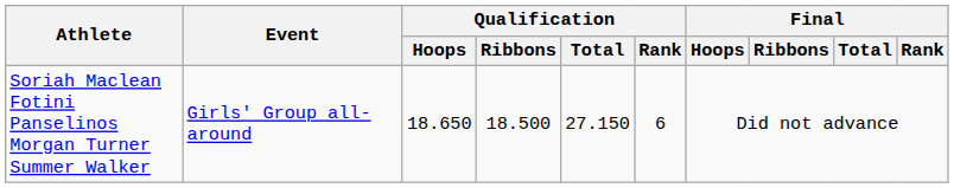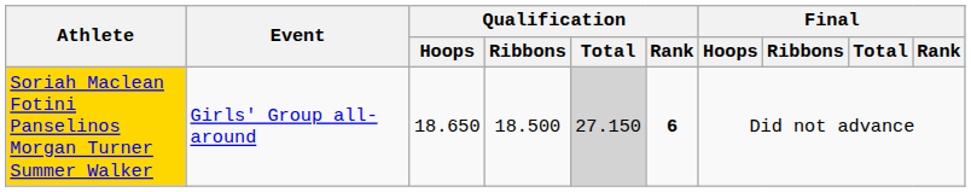 <table class="wikitable" style="font-size:90%;">
 <tr>
 <th rowspan=2>Athlete</th>
 <th rowspan=2>Event</th>
 <th colspan=4>Qualification</th>
 <th colspan=4>Final</th>
 </tr>
 <tr>
 <th>Hoops</th>
 <th>Ribbons</th>
 <th>Total</th>
 <th>Rank</th>
 <th>Hoops</th>
 <th>Ribbons</th>
 <th>Total</th>
 <th>Rank</th>
 </tr>
 <tr>
-<td><a href='#'>Soriah Maclean</a><br><a href='#'>Fotini Panselinos</a><br><a href='#'>Morgan Turner</a><br><a href='#'>Summer Walker</a></td>
+<td style="background: gold;"><a href='#'>Soriah Maclean</a><br><a href='#'>Fotini Panselinos</a><br><a href='#'>Morgan Turner</a><br><a href='#'>Summer Walker</a></td>
 <td><a href='#'>Girls' Group all-around</a></td>
 <td align=center>18.650</td>
 <td align=center>18.500</td>
-<td align=center>27.150</td>
-<td align=center>6</td>
+<td align=center style="background: lightgrey;">27.150</td>
+<td align=center><strong>6</strong></td>
 <td style="text-align:center;" colspan="4">Did not advance</td>
 </tr>
 </table>
